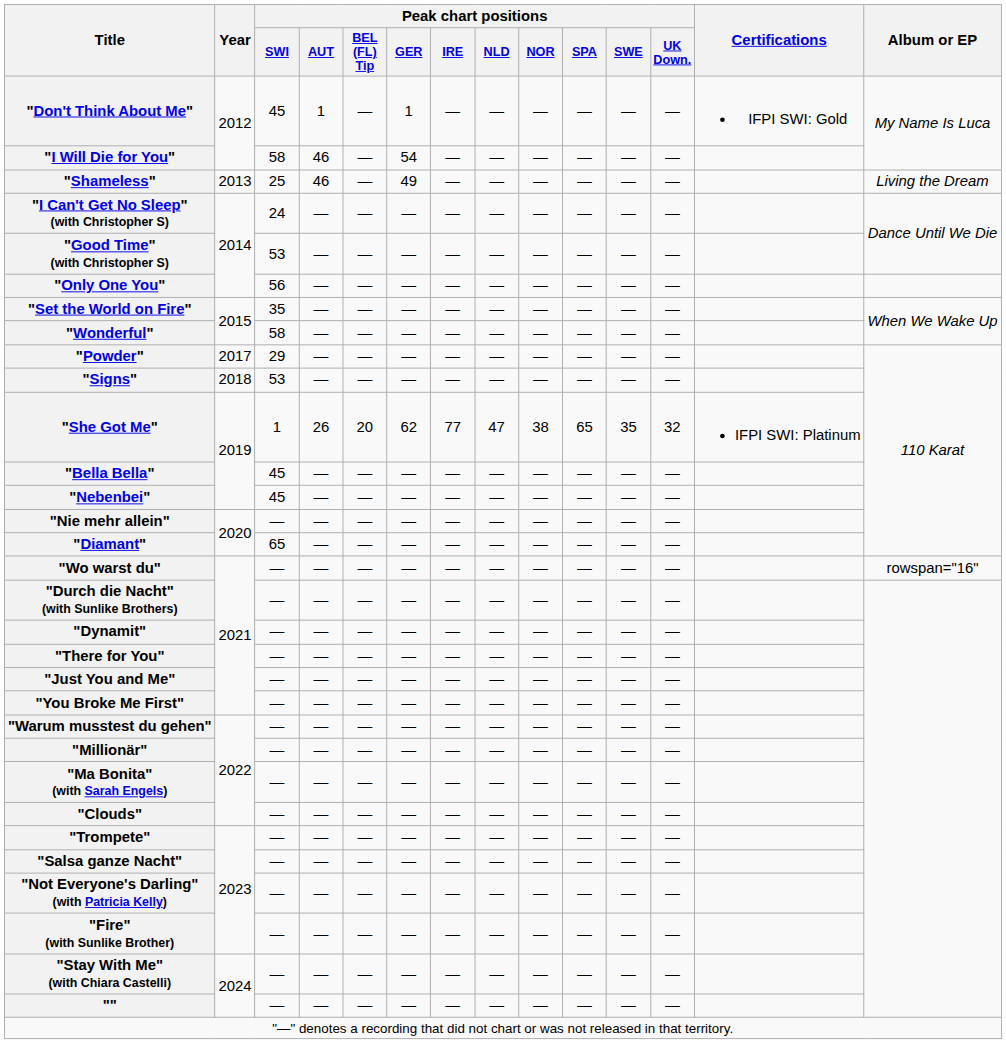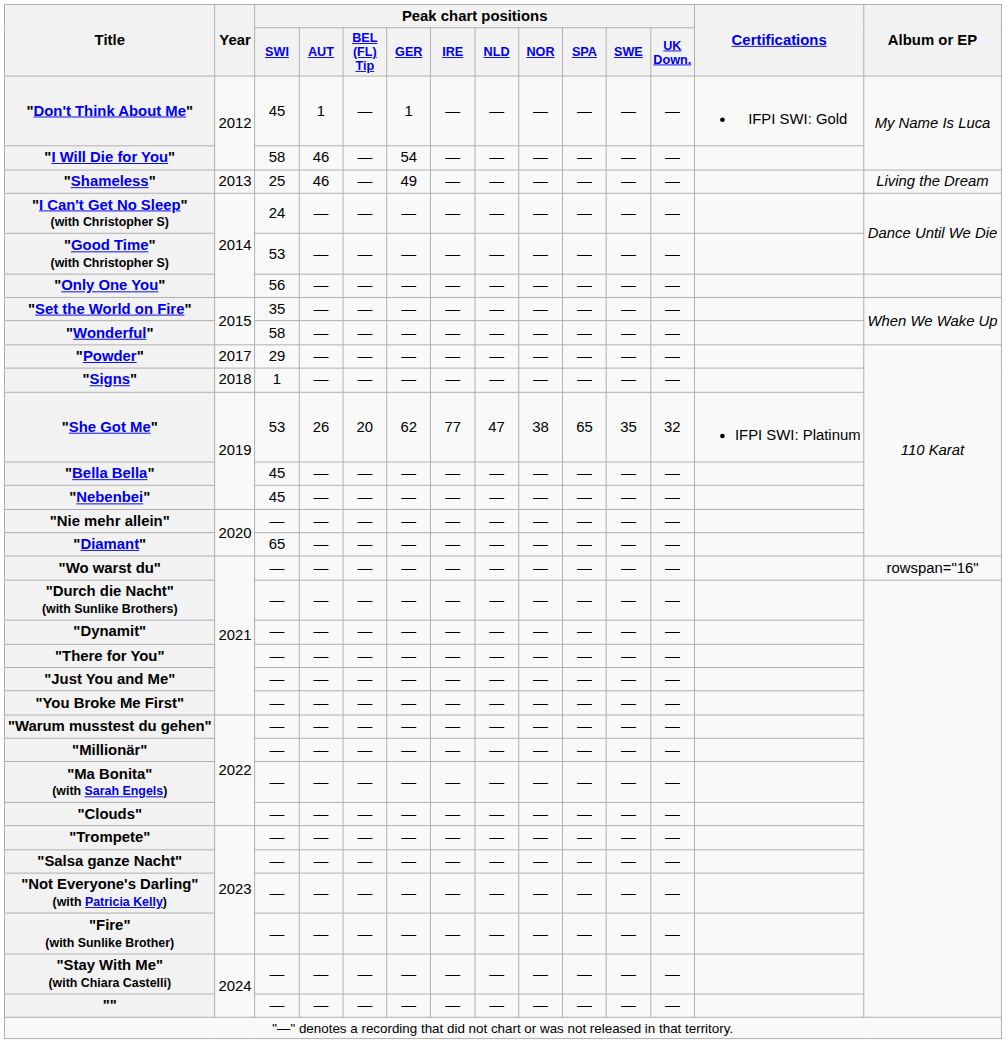 <table class="wikitable plainrowheaders" style="text-align:center;">
 <tr>
 <th scope="col" rowspan="2">Title</th>
 <th scope="col" rowspan="2">Year</th>
 <th scope="col" colspan="10">Peak chart positions</th>
 <th scope="col" rowspan="2"><a href='#'>Certifications</a></th>
 <th scope="col" rowspan="2">Album or EP</th>
 </tr>
 <tr>
 <th scope="col" style="width:3em;font-size:85%;"><a href='#'>SWI</a><br></th>
 <th scope="col" style="width:3em;font-size:85%;"><a href='#'>AUT</a><br></th>
 <th scope="col" style="width:3em;font-size:85%;"><a href='#'>BEL<br>(FL)<br>Tip</a><br></th>
 <th scope="col" style="width:3em;font-size:85%;"><a href='#'>GER</a><br></th>
 <th scope="col" style="width:3em;font-size:85%;"><a href='#'>IRE</a><br></th>
 <th scope="col" style="width:3em;font-size:85%;"><a href='#'>NLD</a><br></th>
 <th scope="col" style="width:3em;font-size:85%;"><a href='#'>NOR</a><br></th>
 <th scope="col" style="width:3em;font-size:85%;"><a href='#'>SPA</a><br></th>
 <th scope="col" style="width:3em;font-size:85%;"><a href='#'>SWE</a><br></th>
 <th scope="col" style="width:3em;font-size:85%;"><a href='#'>UK<br>Down.</a><br></th>
 </tr>
 <tr>
 <th scope="row">"<a href='#'>Don't Think About Me</a>"</th>
 <td rowspan="2">2012</td>
 <td>45</td>
 <td>1</td>
 <td>—</td>
 <td>1</td>
 <td>—</td>
 <td>—</td>
 <td>—</td>
 <td>—</td>
 <td>—</td>
 <td>—</td>
 <td><br><ul><li>IFPI SWI: Gold</li></ul></td>
 <td rowspan="2"><em>My Name Is Luca</em></td>
 </tr>
 <tr>
 <th scope="row">"<a href='#'>I Will Die for You</a>"</th>
 <td>58</td>
 <td>46</td>
 <td>—</td>
 <td>54</td>
 <td>—</td>
 <td>—</td>
 <td>—</td>
 <td>—</td>
 <td>—</td>
 <td>—</td>
 <td></td>
 </tr>
 <tr>
 <th scope="row">"<a href='#'>Shameless</a>"</th>
 <td>2013</td>
 <td>25</td>
 <td>46</td>
 <td>—</td>
 <td>49</td>
 <td>—</td>
 <td>—</td>
 <td>—</td>
 <td>—</td>
 <td>—</td>
 <td>—</td>
 <td></td>
 <td><em>Living the Dream</em></td>
 </tr>
 <tr>
 <th scope="row">"<a href='#'>I Can't Get No Sleep</a>"<br><small>(with Christopher S)</small></th>
 <td rowspan="3">2014</td>
 <td>24</td>
 <td>—</td>
 <td>—</td>
 <td>—</td>
 <td>—</td>
 <td>—</td>
 <td>—</td>
 <td>—</td>
 <td>—</td>
 <td>—</td>
 <td></td>
 <td rowspan="2"><em>Dance Until We Die</em></td>
 </tr>
 <tr>
 <th scope="row">"<a href='#'>Good Time</a>"<br><small>(with Christopher S)</small></th>
 <td>53</td>
 <td>—</td>
 <td>—</td>
 <td>—</td>
 <td>—</td>
 <td>—</td>
 <td>—</td>
 <td>—</td>
 <td>—</td>
 <td>—</td>
 <td></td>
 </tr>
 <tr>
 <th scope="row">"<a href='#'>Only One You</a>"</th>
 <td>56</td>
 <td>—</td>
 <td>—</td>
 <td>—</td>
 <td>—</td>
 <td>—</td>
 <td>—</td>
 <td>—</td>
 <td>—</td>
 <td>—</td>
 <td></td>
 <td></td>
 </tr>
 <tr>
 <th scope="row">"<a href='#'>Set the World on Fire</a>"</th>
 <td rowspan="2">2015</td>
 <td>35</td>
 <td>—</td>
 <td>—</td>
 <td>—</td>
 <td>—</td>
 <td>—</td>
 <td>—</td>
 <td>—</td>
 <td>—</td>
 <td>—</td>
 <td></td>
 <td rowspan="2"><em>When We Wake Up</em></td>
 </tr>
 <tr>
 <th scope="row">"<a href='#'>Wonderful</a>"</th>
 <td>58</td>
 <td>—</td>
 <td>—</td>
 <td>—</td>
 <td>—</td>
 <td>—</td>
 <td>—</td>
 <td>—</td>
 <td>—</td>
 <td>—</td>
 <td></td>
 </tr>
 <tr>
 <th scope="row">"<a href='#'>Powder</a>"</th>
 <td>2017</td>
 <td>29</td>
 <td>—</td>
 <td>—</td>
 <td>—</td>
 <td>—</td>
 <td>—</td>
 <td>—</td>
 <td>—</td>
 <td>—</td>
 <td>—</td>
 <td></td>
 <td rowspan="7"><em>110 Karat</em></td>
 </tr>
 <tr>
 <th scope="row">"<a href='#'>Signs</a>"</th>
 <td>2018</td>
-<td>53</td>
+<td>1</td>
 <td>—</td>
 <td>—</td>
 <td>—</td>
 <td>—</td>
 <td>—</td>
 <td>—</td>
 <td>—</td>
 <td>—</td>
 <td>—</td>
 <td></td>
 </tr>
 <tr>
 <th scope="row">"<a href='#'>She Got Me</a>"</th>
 <td rowspan="3">2019</td>
-<td>1</td>
+<td>53</td>
 <td>26</td>
 <td>20</td>
 <td>62</td>
 <td>77</td>
 <td>47</td>
 <td>38</td>
 <td>65</td>
 <td>35</td>
 <td>32</td>
 <td><br><ul><li>IFPI SWI: Platinum</li></ul></td>
 </tr>
 <tr>
 <th scope="row">"<a href='#'>Bella Bella</a>"</th>
 <td>45</td>
 <td>—</td>
 <td>—</td>
 <td>—</td>
 <td>—</td>
 <td>—</td>
 <td>—</td>
 <td>—</td>
 <td>—</td>
 <td>—</td>
 <td></td>
 </tr>
 <tr>
 <th scope="row">"<a href='#'>Nebenbei</a>"</th>
 <td>45</td>
 <td>—</td>
 <td>—</td>
 <td>—</td>
 <td>—</td>
 <td>—</td>
 <td>—</td>
 <td>—</td>
 <td>—</td>
 <td>—</td>
 <td></td>
 </tr>
 <tr>
 <th scope="row">"Nie mehr allein"</th>
 <td rowspan="2">2020</td>
 <td>—</td>
 <td>—</td>
 <td>—</td>
 <td>—</td>
 <td>—</td>
 <td>—</td>
 <td>—</td>
 <td>—</td>
 <td>—</td>
 <td>—</td>
 <td></td>
 </tr>
 <tr>
 <th scope="row">"<a href='#'>Diamant</a>"</th>
 <td>65</td>
 <td>—</td>
 <td>—</td>
 <td>—</td>
 <td>—</td>
 <td>—</td>
 <td>—</td>
 <td>—</td>
 <td>—</td>
 <td>—</td>
 <td></td>
 </tr>
 <tr>
 <th scope="row">"Wo warst du"</th>
 <td rowspan="6">2021</td>
 <td>—</td>
 <td>—</td>
 <td>—</td>
 <td>—</td>
 <td>—</td>
 <td>—</td>
 <td>—</td>
 <td>—</td>
 <td>—</td>
 <td>—</td>
 <td></td>
 <td>rowspan="16" </td>
 </tr>
 <tr>
 <th scope="row">"Durch die Nacht"<br><small>(with Sunlike Brothers)</small></th>
 <td>—</td>
 <td>—</td>
 <td>—</td>
 <td>—</td>
 <td>—</td>
 <td>—</td>
 <td>—</td>
 <td>—</td>
 <td>—</td>
 <td>—</td>
 <td></td>
 </tr>
 <tr>
 <th scope="row">"Dynamit"</th>
 <td>—</td>
 <td>—</td>
 <td>—</td>
 <td>—</td>
 <td>—</td>
 <td>—</td>
 <td>—</td>
 <td>—</td>
 <td>—</td>
 <td>—</td>
 <td></td>
 </tr>
 <tr>
 <th scope="row">"There for You"</th>
 <td>—</td>
 <td>—</td>
 <td>—</td>
 <td>—</td>
 <td>—</td>
 <td>—</td>
 <td>—</td>
 <td>—</td>
 <td>—</td>
 <td>—</td>
 <td></td>
 </tr>
 <tr>
 <th scope="row">"Just You and Me"</th>
 <td>—</td>
 <td>—</td>
 <td>—</td>
 <td>—</td>
 <td>—</td>
 <td>—</td>
 <td>—</td>
 <td>—</td>
 <td>—</td>
 <td>—</td>
 <td></td>
 </tr>
 <tr>
 <th scope="row">"You Broke Me First"</th>
 <td>—</td>
 <td>—</td>
 <td>—</td>
 <td>—</td>
 <td>—</td>
 <td>—</td>
 <td>—</td>
 <td>—</td>
 <td>—</td>
 <td>—</td>
 <td></td>
 </tr>
 <tr>
 <th scope="row">"Warum musstest du gehen"</th>
 <td rowspan="4">2022</td>
 <td>—</td>
 <td>—</td>
 <td>—</td>
 <td>—</td>
 <td>—</td>
 <td>—</td>
 <td>—</td>
 <td>—</td>
 <td>—</td>
 <td>—</td>
 <td></td>
 </tr>
 <tr>
 <th scope="row">"Millionär"</th>
 <td>—</td>
 <td>—</td>
 <td>—</td>
 <td>—</td>
 <td>—</td>
 <td>—</td>
 <td>—</td>
 <td>—</td>
 <td>—</td>
 <td>—</td>
 <td></td>
 </tr>
 <tr>
 <th scope="row">"Ma Bonita"<br> <small>(with <a href='#'>Sarah Engels</a>)</small></th>
 <td>—</td>
 <td>—</td>
 <td>—</td>
 <td>—</td>
 <td>—</td>
 <td>—</td>
 <td>—</td>
 <td>—</td>
 <td>—</td>
 <td>—</td>
 <td></td>
 </tr>
 <tr>
 <th scope="row">"Clouds"</th>
 <td>—</td>
 <td>—</td>
 <td>—</td>
 <td>—</td>
 <td>—</td>
 <td>—</td>
 <td>—</td>
 <td>—</td>
 <td>—</td>
 <td>—</td>
 <td></td>
 </tr>
 <tr>
 <th scope="row">"Trompete"</th>
 <td rowspan="4">2023</td>
 <td>—</td>
 <td>—</td>
 <td>—</td>
 <td>—</td>
 <td>—</td>
 <td>—</td>
 <td>—</td>
 <td>—</td>
 <td>—</td>
 <td>—</td>
 <td></td>
 </tr>
 <tr>
 <th scope="row">"Salsa ganze Nacht"</th>
 <td>—</td>
 <td>—</td>
 <td>—</td>
 <td>—</td>
 <td>—</td>
 <td>—</td>
 <td>—</td>
 <td>—</td>
 <td>—</td>
 <td>—</td>
 <td></td>
 </tr>
 <tr>
 <th scope="row">"Not Everyone's Darling"<br><small>(with <a href='#'>Patricia Kelly</a>)</small></th>
 <td>—</td>
 <td>—</td>
 <td>—</td>
 <td>—</td>
 <td>—</td>
 <td>—</td>
 <td>—</td>
 <td>—</td>
 <td>—</td>
 <td>—</td>
 <td></td>
 </tr>
 <tr>
 <th scope="row">"Fire"<br><small>(with Sunlike Brother)</small></th>
 <td>—</td>
 <td>—</td>
 <td>—</td>
 <td>—</td>
 <td>—</td>
 <td>—</td>
 <td>—</td>
 <td>—</td>
 <td>—</td>
 <td>—</td>
 <td></td>
 </tr>
 <tr>
 <th scope="row">"Stay With Me"<br><small>(with Chiara Castelli)</small></th>
 <td rowspan="2">2024</td>
 <td>—</td>
 <td>—</td>
 <td>—</td>
 <td>—</td>
 <td>—</td>
 <td>—</td>
 <td>—</td>
 <td>—</td>
 <td>—</td>
 <td>—</td>
 <td></td>
 </tr>
 <tr>
 <th scope="row">""</th>
 <td>—</td>
 <td>—</td>
 <td>—</td>
 <td>—</td>
 <td>—</td>
 <td>—</td>
 <td>—</td>
 <td>—</td>
 <td>—</td>
 <td>—</td>
 <td></td>
 </tr>
 <tr>
 <td colspan="20" style="font-size:90%">"—" denotes a recording that did not chart or was not released in that territory.</td>
 </tr>
 </table>
